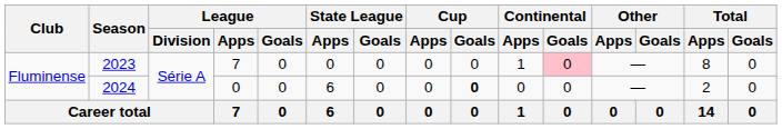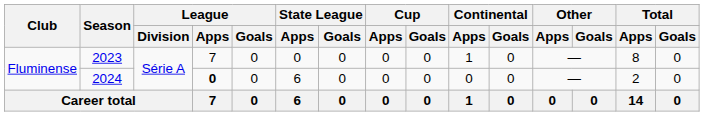 <table class="wikitable" style="text-align:center">
 <tr>
 <th rowspan="2">Club</th>
 <th rowspan="2">Season</th>
 <th colspan="3">League</th>
 <th colspan="2">State League</th>
 <th colspan="2">Cup</th>
 <th colspan="2">Continental</th>
 <th colspan="2">Other</th>
 <th colspan="2">Total</th>
 </tr>
 <tr>
 <th>Division</th>
 <th>Apps</th>
 <th>Goals</th>
 <th>Apps</th>
 <th>Goals</th>
 <th>Apps</th>
 <th>Goals</th>
 <th>Apps</th>
 <th>Goals</th>
 <th>Apps</th>
 <th>Goals</th>
 <th>Apps</th>
 <th>Goals</th>
 </tr>
 <tr>
 <td rowspan=2><a href='#'>Fluminense</a></td>
 <td><a href='#'>2023</a></td>
 <td rowspan=2><a href='#'>Série A</a></td>
 <td>7</td>
 <td>0</td>
 <td>0</td>
 <td>0</td>
 <td>0</td>
 <td>0</td>
 <td>1</td>
-<td style="background: pink;">0</td>
+<td>0</td>
 <td colspan=2>—</td>
 <td>8</td>
 <td>0</td>
 </tr>
 <tr>
 <td><a href='#'>2024</a></td>
-<td>0</td>
+<td><strong>0</strong></td>
 <td>0</td>
 <td>6</td>
 <td>0</td>
 <td>0</td>
-<td><strong>0</strong></td>
+<td>0</td>
 <td>0</td>
 <td>0</td>
 <td colspan=2>—</td>
 <td>2</td>
 <td>0</td>
 </tr>
 <tr>
 <th colspan=3><strong>Career total</strong></th>
 <th>7</th>
 <th>0</th>
 <th>6</th>
 <th>0</th>
 <th>0</th>
 <th>0</th>
 <th>1</th>
 <th>0</th>
 <th>0</th>
 <th>0</th>
 <th>14</th>
 <th>0</th>
 </tr>
 </table>
